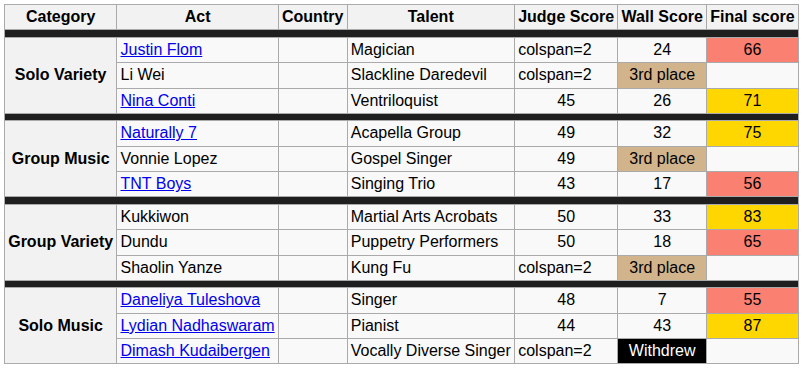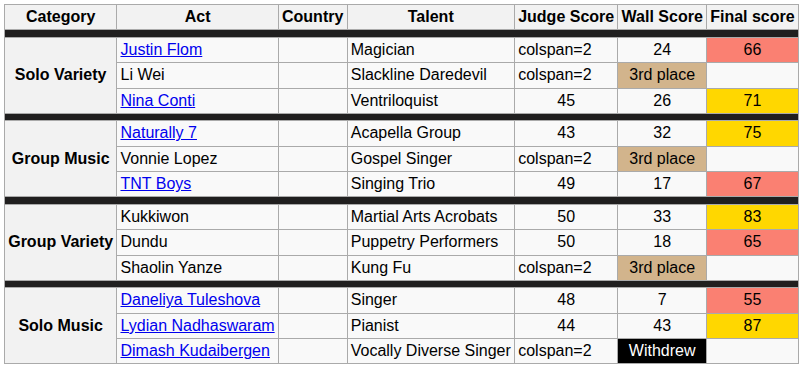 <table class=wikitable>
 <tr>
 <th>Category</th>
 <th>Act</th>
 <th>Country</th>
 <th>Talent</th>
 <th>Judge Score</th>
 <th>Wall Score</th>
 <th>Final score</th>
 </tr>
 <tr>
 <td colspan="10" style="background:#201f1f;"></td>
 </tr>
 <tr>
 <th rowspan=3>Solo Variety</th>
 <td><a href='#'>Justin Flom</a></td>
 <td></td>
 <td>Magician</td>
 <td>colspan=2 </td>
 <td align=center>24</td>
 <td align=center bgcolor="Salmon">66</td>
 </tr>
 <tr>
 <td>Li Wei</td>
 <td></td>
 <td>Slackline Daredevil</td>
 <td>colspan=2 </td>
 <td align=center bgcolor="tan">3rd place</td>
 </tr>
 <tr>
 <td><a href='#'>Nina Conti</a></td>
 <td></td>
 <td>Ventriloquist</td>
 <td align=center>45</td>
 <td align=center>26</td>
 <td align=center bgcolor="gold">71</td>
 </tr>
 <tr>
 <td colspan="10" style="background:#201f1f;"></td>
 </tr>
 <tr>
 <th rowspan=3>Group Music</th>
 <td><a href='#'>Naturally 7</a></td>
 <td></td>
 <td>Acapella Group</td>
-<td align=center>49</td>
+<td align=center>43</td>
 <td align=center>32</td>
 <td align=center bgcolor="gold">75</td>
 </tr>
 <tr>
 <td>Vonnie Lopez</td>
 <td></td>
 <td>Gospel Singer</td>
-<td align=center>49</td>
+<td>colspan=2 </td>
 <td align=center bgcolor="tan">3rd place</td>
 </tr>
 <tr>
 <td><a href='#'>TNT Boys</a></td>
 <td></td>
 <td>Singing Trio</td>
-<td align=center>43</td>
+<td align=center>49</td>
 <td align=center>17</td>
-<td align=center bgcolor="Salmon">56</td>
+<td align=center bgcolor="Salmon">67</td>
 </tr>
 <tr>
 <td colspan="10" style="background:#201f1f;"></td>
 </tr>
 <tr>
 <th rowspan=3>Group Variety</th>
 <td>Kukkiwon</td>
 <td></td>
 <td>Martial Arts Acrobats</td>
 <td align=center>50</td>
 <td align=center>33</td>
 <td align=center bgcolor="gold">83</td>
 </tr>
 <tr>
 <td>Dundu</td>
 <td></td>
 <td>Puppetry Performers</td>
 <td align=center>50</td>
 <td align=center>18</td>
 <td align=center bgcolor="Salmon">65</td>
 </tr>
 <tr>
 <td>Shaolin Yanze</td>
 <td></td>
 <td>Kung Fu</td>
 <td>colspan=2 </td>
 <td align=center bgcolor="tan">3rd place</td>
 </tr>
 <tr>
 <td colspan="10" style="background:#201f1f;"></td>
 </tr>
 <tr>
 <th rowspan=3>Solo Music</th>
 <td><a href='#'>Daneliya Tuleshova</a></td>
 <td></td>
 <td>Singer</td>
 <td align=center>48</td>
 <td align=center>7</td>
 <td align=center bgcolor="Salmon">55</td>
 </tr>
 <tr>
 <td><a href='#'>Lydian Nadhaswaram</a></td>
 <td></td>
 <td>Pianist</td>
 <td align="center">44</td>
 <td align="center">43</td>
 <td align="center" bgcolor="gold">87</td>
 </tr>
 <tr>
 <td><a href='#'>Dimash Kudaibergen</a></td>
 <td></td>
 <td>Vocally Diverse Singer</td>
 <td>colspan=2 </td>
 <td align=center style="background: black; color: white">Withdrew</td>
 </tr>
 </table>
